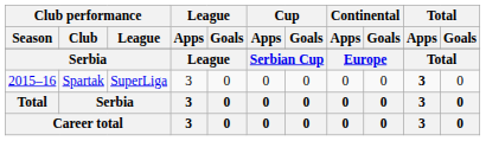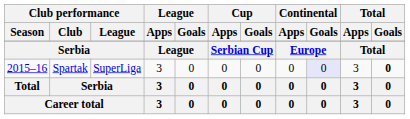 <table class="wikitable" style="text-align:center">
 <tr>
 <th colspan=3>Club performance</th>
 <th colspan=2>League</th>
 <th colspan=2>Cup</th>
 <th colspan=2>Continental</th>
 <th colspan=2>Total</th>
 </tr>
 <tr>
 <th>Season</th>
 <th>Club</th>
 <th>League</th>
 <th>Apps</th>
 <th>Goals</th>
 <th>Apps</th>
 <th>Goals</th>
 <th>Apps</th>
 <th>Goals</th>
 <th>Apps</th>
 <th>Goals</th>
 </tr>
 <tr>
 </tr>
 <tr>
 <th colspan=3>Serbia</th>
 <th colspan=2>League</th>
 <th colspan=2><a href='#'>Serbian Cup</a></th>
 <th colspan=2><a href='#'>Europe</a></th>
 <th colspan=2>Total</th>
 </tr>
 <tr>
 <td><a href='#'>2015–16</a></td>
 <td><a href='#'>Spartak</a></td>
 <td><a href='#'>SuperLiga</a></td>
 <td>3</td>
 <td>0</td>
 <td>0</td>
 <td>0</td>
 <td>0</td>
-<td>0</td>
-<td><strong>3</strong></td>
-<td>0</td>
+<td style="background: lavender;">0</td>
+<td>3</td>
+<td><strong>0</strong></td>
 </tr>
 <tr>
 <th rowspan=1>Total</th>
 <th colspan=2>Serbia</th>
 <th>3</th>
 <th>0</th>
 <th>0</th>
 <th>0</th>
 <th>0</th>
 <th>0</th>
 <th>3</th>
 <th>0</th>
 </tr>
 <tr>
 <th colspan=3>Career total</th>
 <th>3</th>
 <th>0</th>
 <th>0</th>
 <th>0</th>
 <th>0</th>
 <th>0</th>
 <th>3</th>
 <th>0</th>
 </tr>
 </table>
